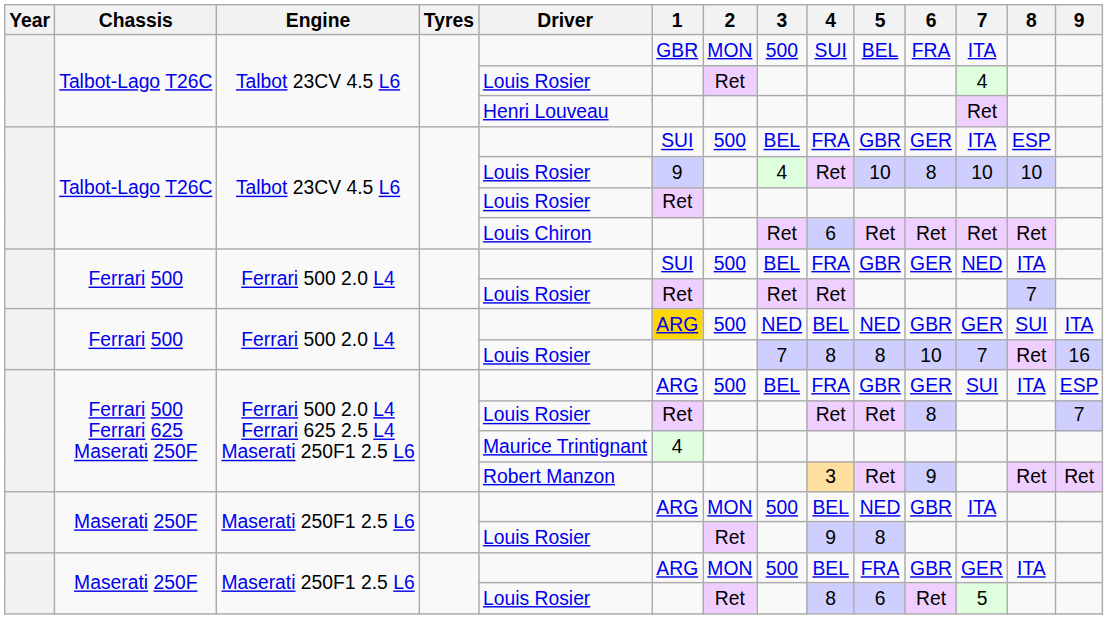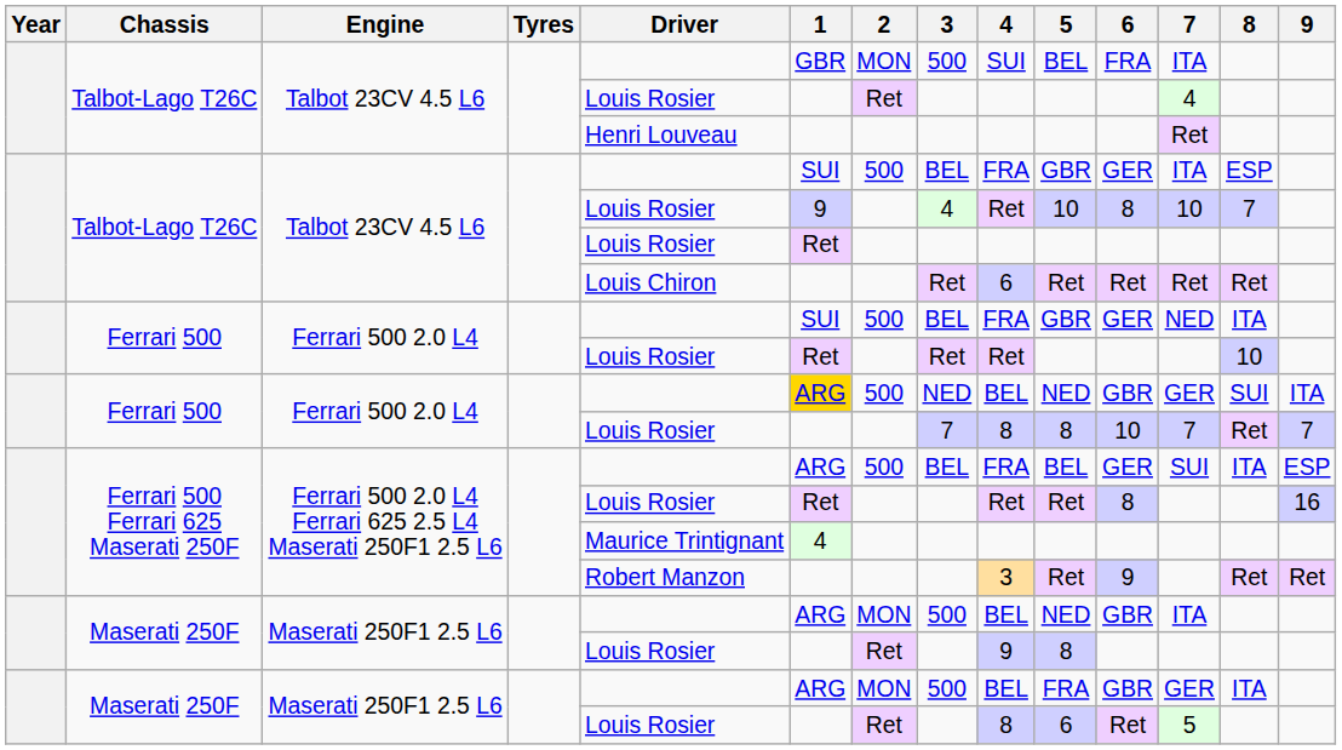 <table class="wikitable"  style="text-align:center; font-size:85%">
 <tr>
 <th>Year</th>
 <th>Chassis</th>
 <th>Engine</th>
 <th>Tyres</th>
 <th>Driver</th>
 <th>1</th>
 <th>2</th>
 <th>3</th>
 <th>4</th>
 <th>5</th>
 <th>6</th>
 <th>7</th>
 <th>8</th>
 <th>9</th>
 </tr>
 <tr>
 <th rowspan=3></th>
 <td rowspan=3><a href='#'>Talbot-Lago</a> <a href='#'>T26C</a></td>
 <td rowspan=3><a href='#'>Talbot</a> 23CV 4.5 <a href='#'>L6</a></td>
 <td rowspan=3></td>
 <td></td>
 <td><a href='#'>GBR</a></td>
 <td><a href='#'>MON</a></td>
 <td><a href='#'>500</a></td>
 <td><a href='#'>SUI</a></td>
 <td><a href='#'>BEL</a></td>
 <td><a href='#'>FRA</a></td>
 <td><a href='#'>ITA</a></td>
 <td></td>
 <td></td>
 </tr>
 <tr>
 <td align="left"> <a href='#'>Louis Rosier</a></td>
 <td></td>
 <td style="background:#EFCFFF;">Ret</td>
 <td></td>
 <td></td>
 <td></td>
 <td></td>
 <td style="background:#DFFFDF;">4</td>
 <td></td>
 <td></td>
 </tr>
 <tr>
 <td align="left"> <a href='#'>Henri Louveau</a></td>
 <td></td>
 <td></td>
 <td></td>
 <td></td>
 <td></td>
 <td></td>
 <td style="background:#EFCFFF;">Ret</td>
 <td></td>
 <td></td>
 </tr>
 <tr>
 <th rowspan=4></th>
 <td rowspan=4><a href='#'>Talbot-Lago</a> <a href='#'>T26C</a></td>
 <td rowspan=4><a href='#'>Talbot</a> 23CV 4.5 <a href='#'>L6</a></td>
 <td rowspan=4></td>
 <td></td>
 <td><a href='#'>SUI</a></td>
 <td><a href='#'>500</a></td>
 <td><a href='#'>BEL</a></td>
 <td><a href='#'>FRA</a></td>
 <td><a href='#'>GBR</a></td>
 <td><a href='#'>GER</a></td>
 <td><a href='#'>ITA</a></td>
 <td><a href='#'>ESP</a></td>
 <td></td>
 </tr>
 <tr>
 <td align="left"> <a href='#'>Louis Rosier</a></td>
 <td style="background:#cfcfff;">9</td>
 <td></td>
 <td style="background:#DFFFDF;">4</td>
 <td style="background:#EFCFFF;">Ret</td>
 <td style="background:#cfcfff;">10</td>
 <td style="background:#cfcfff;">8</td>
 <td style="background:#cfcfff;">10</td>
-<td style="background:#cfcfff;">10</td>
+<td style="background:#cfcfff;">7</td>
 <td></td>
 </tr>
 <tr>
 <td align="left"> <a href='#'>Louis Rosier</a></td>
 <td style="background:#EFCFFF;">Ret</td>
 <td></td>
 <td></td>
 <td></td>
 <td></td>
 <td></td>
 <td></td>
 <td></td>
 <td></td>
 </tr>
 <tr>
 <td align="left"> <a href='#'>Louis Chiron</a></td>
 <td></td>
 <td></td>
 <td style="background:#EFCFFF;">Ret</td>
 <td style="background:#cfcfff;">6</td>
 <td style="background:#EFCFFF;">Ret</td>
 <td style="background:#EFCFFF;">Ret</td>
 <td style="background:#EFCFFF;">Ret</td>
 <td style="background:#EFCFFF;">Ret</td>
 <td></td>
 </tr>
 <tr>
 <th rowspan=2></th>
 <td rowspan=2><a href='#'>Ferrari</a> <a href='#'>500</a></td>
 <td rowspan=2><a href='#'>Ferrari</a> 500 2.0 <a href='#'>L4</a></td>
 <td rowspan=2></td>
 <td></td>
 <td><a href='#'>SUI</a></td>
 <td><a href='#'>500</a></td>
 <td><a href='#'>BEL</a></td>
 <td><a href='#'>FRA</a></td>
 <td><a href='#'>GBR</a></td>
 <td><a href='#'>GER</a></td>
 <td><a href='#'>NED</a></td>
 <td><a href='#'>ITA</a></td>
 <td></td>
 </tr>
 <tr>
 <td align="left"> <a href='#'>Louis Rosier</a></td>
 <td style="background:#efcfff;">Ret</td>
 <td></td>
 <td style="background:#efcfff;">Ret</td>
 <td style="background:#efcfff;">Ret</td>
 <td></td>
 <td></td>
 <td></td>
-<td style="background:#cfcfff;">7</td>
+<td style="background:#cfcfff;">10</td>
 <td></td>
 </tr>
 <tr>
 <th rowspan=2></th>
 <td rowspan=2><a href='#'>Ferrari</a> <a href='#'>500</a></td>
 <td rowspan=2><a href='#'>Ferrari</a> 500 2.0 <a href='#'>L4</a></td>
 <td rowspan=2><br></td>
 <td></td>
 <td style="background: gold;"><a href='#'>ARG</a></td>
 <td><a href='#'>500</a></td>
 <td><a href='#'>NED</a></td>
 <td><a href='#'>BEL</a></td>
 <td><a href='#'>NED</a></td>
 <td><a href='#'>GBR</a></td>
 <td><a href='#'>GER</a></td>
 <td><a href='#'>SUI</a></td>
 <td><a href='#'>ITA</a></td>
 </tr>
 <tr>
 <td align="left"> <a href='#'>Louis Rosier</a></td>
 <td></td>
 <td></td>
 <td style="background:#cfcfff;">7</td>
 <td style="background:#cfcfff;">8</td>
 <td style="background:#cfcfff;">8</td>
 <td style="background:#cfcfff;">10</td>
 <td style="background:#cfcfff;">7</td>
 <td style="background:#EFCFFF;">Ret</td>
-<td style="background:#cfcfff;">16</td>
+<td style="background:#cfcfff;">7</td>
 </tr>
 <tr>
 <th rowspan=4></th>
 <td rowspan=4><a href='#'>Ferrari</a> <a href='#'>500</a><br><a href='#'>Ferrari</a> <a href='#'>625</a><br><a href='#'>Maserati</a> <a href='#'>250F</a></td>
 <td rowspan=4><a href='#'>Ferrari</a> 500 2.0 <a href='#'>L4</a><br><a href='#'>Ferrari</a> 625 2.5 <a href='#'>L4</a><br><a href='#'>Maserati</a> 250F1 2.5 <a href='#'>L6</a></td>
 <td rowspan=4><br></td>
 <td></td>
 <td><a href='#'>ARG</a></td>
 <td><a href='#'>500</a></td>
 <td><a href='#'>BEL</a></td>
 <td><a href='#'>FRA</a></td>
-<td><a href='#'>GBR</a></td>
+<td><a href='#'>BEL</a></td>
 <td><a href='#'>GER</a></td>
 <td><a href='#'>SUI</a></td>
 <td><a href='#'>ITA</a></td>
 <td><a href='#'>ESP</a></td>
 </tr>
 <tr>
 <td align="left"> <a href='#'>Louis Rosier</a></td>
 <td style="background:#EFCFFF;">Ret</td>
 <td></td>
 <td></td>
 <td style="background:#EFCFFF;">Ret</td>
 <td style="background:#EFCFFF;">Ret</td>
 <td style="background:#cfcfff;">8</td>
 <td></td>
 <td></td>
-<td style="background:#cfcfff;">7</td>
+<td style="background:#cfcfff;">16</td>
 </tr>
 <tr>
 <td align="left"> <a href='#'>Maurice Trintignant</a></td>
 <td style="background:#DFFFDF;">4</td>
 <td></td>
 <td></td>
 <td></td>
 <td></td>
 <td></td>
 <td></td>
 <td></td>
 <td></td>
 </tr>
 <tr>
 <td align="left"> <a href='#'>Robert Manzon</a></td>
 <td></td>
 <td></td>
 <td></td>
 <td style="background:#FFDF9F;">3</td>
 <td style="background:#EFCFFF;">Ret</td>
 <td style="background:#cfcfff;">9</td>
 <td></td>
 <td style="background:#EFCFFF;">Ret</td>
 <td style="background:#EFCFFF;">Ret</td>
 </tr>
 <tr>
 <th rowspan=2></th>
 <td rowspan=2><a href='#'>Maserati</a> <a href='#'>250F</a></td>
 <td rowspan=2><a href='#'>Maserati</a> 250F1 2.5 <a href='#'>L6</a></td>
 <td rowspan=2></td>
 <td></td>
 <td><a href='#'>ARG</a></td>
 <td><a href='#'>MON</a></td>
 <td><a href='#'>500</a></td>
 <td><a href='#'>BEL</a></td>
 <td><a href='#'>NED</a></td>
 <td><a href='#'>GBR</a></td>
 <td><a href='#'>ITA</a></td>
 <td></td>
 <td></td>
 </tr>
 <tr>
 <td align="left"> <a href='#'>Louis Rosier</a></td>
 <td></td>
 <td style="background:#EFCFFF;">Ret</td>
 <td></td>
 <td style="background:#cfcfff;">9</td>
 <td style="background:#cfcfff;">8</td>
 <td></td>
 <td></td>
 <td></td>
 <td></td>
 </tr>
 <tr>
 <th rowspan=2></th>
 <td rowspan=2><a href='#'>Maserati</a> <a href='#'>250F</a></td>
 <td rowspan=2><a href='#'>Maserati</a> 250F1 2.5 <a href='#'>L6</a></td>
 <td rowspan=2></td>
 <td></td>
 <td><a href='#'>ARG</a></td>
 <td><a href='#'>MON</a></td>
 <td><a href='#'>500</a></td>
 <td><a href='#'>BEL</a></td>
 <td><a href='#'>FRA</a></td>
 <td><a href='#'>GBR</a></td>
 <td><a href='#'>GER</a></td>
 <td><a href='#'>ITA</a></td>
 <td></td>
 </tr>
 <tr>
 <td align="left"> <a href='#'>Louis Rosier</a></td>
 <td></td>
 <td style="background:#EFCFFF;">Ret</td>
 <td></td>
 <td style="background:#cfcfff;">8</td>
 <td style="background:#cfcfff;">6</td>
 <td style="background:#EFCFFF;">Ret</td>
 <td style="background:#DFFFDF;">5</td>
 <td></td>
 <td></td>
 </tr>
 </table>
